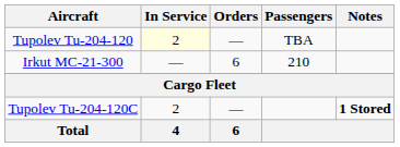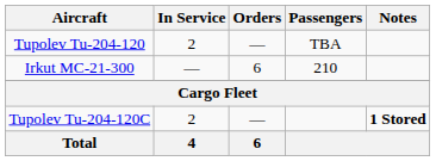 <table class="wikitable" style="border-collapse:collapse;text-align:center;margin:1em auto;">
 <tr>
 <th>Aircraft</th>
 <th>In Service</th>
 <th>Orders</th>
 <th>Passengers</th>
 <th>Notes</th>
 </tr>
 <tr>
 <td><a href='#'>Tupolev Tu-204-120</a></td>
-<td style="background: lightyellow;">2</td>
+<td>2</td>
 <td>—</td>
 <td><abbr>TBA</abbr></td>
 <td></td>
 </tr>
 <tr>
 <td><a href='#'>Irkut MC-21-300</a></td>
 <td>—</td>
 <td>6</td>
 <td>210</td>
 <td></td>
 </tr>
 <tr>
 </tr>
 <tr>
 <th colspan="6">Cargo Fleet</th>
 </tr>
 <tr>
 <td><a href='#'>Tupolev Tu-204-120C</a></td>
 <td>2</td>
 <td>—</td>
 <td><abbr></abbr></td>
 <td><strong>1 Stored</strong></td>
 </tr>
 <tr>
 <th>Total</th>
 <th>4</th>
 <th>6</th>
 <th colspan="3"></th>
 </tr>
 </table>
